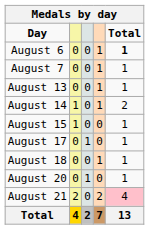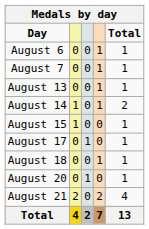 <table class="wikitable" style="font-size:85%; float:right">
 <tr align=center>
 <th colspan=7><strong>Medals by day</strong></th>
 </tr>
 <tr align=center>
 <td><strong>Day</strong></td>
 <td style="background:#f7f6a8;"></td>
 <td style="background:#dce5e5;"></td>
 <td style="background:#ffdab9;"></td>
 <td><strong>Total</strong></td>
 </tr>
 <tr align=center>
 <td>August 6</td>
 <td style="background:#f7f6a8;">0</td>
 <td style="background:#dce5e5;">0</td>
 <td style="background:#ffdab9;">1</td>
-<td><strong>1</strong></td>
+<td>1</td>
 </tr>
 <tr align=center>
 <td>August 7</td>
 <td style="background:#f7f6a8;">0</td>
 <td style="background:#dce5e5;">0</td>
 <td style="background:#ffdab9;">1</td>
 <td>1</td>
 </tr>
 <tr align=center>
 <td>August 13</td>
 <td style="background:#f7f6a8;">0</td>
 <td style="background:#dce5e5;">0</td>
 <td style="background:#ffdab9;">1</td>
 <td>1</td>
 </tr>
 <tr align=center>
 <td>August 14</td>
 <td style="background:#f7f6a8;">1</td>
 <td style="background:#dce5e5;">0</td>
 <td style="background:#ffdab9;">1</td>
 <td>2</td>
 </tr>
 <tr align=center>
 <td>August 15</td>
 <td style="background:#f7f6a8;">1</td>
 <td style="background:#dce5e5;">0</td>
 <td style="background:#ffdab9;">0</td>
 <td>1</td>
 </tr>
 <tr align=center>
 <td>August 17</td>
 <td style="background:#f7f6a8;">0</td>
 <td style="background:#dce5e5;">1</td>
 <td style="background:#ffdab9;">0</td>
 <td>1</td>
 </tr>
 <tr align=center>
 <td>August 18</td>
 <td style="background:#f7f6a8;">0</td>
 <td style="background:#dce5e5;">0</td>
 <td style="background:#ffdab9;">1</td>
 <td>1</td>
 </tr>
 <tr align=center>
 <td>August 20</td>
 <td style="background:#f7f6a8;">0</td>
 <td style="background:#dce5e5;">1</td>
 <td style="background:#ffdab9;">0</td>
 <td>1</td>
 </tr>
 <tr align=center>
 <td>August 21</td>
 <td style="background:#f7f6a8;">2</td>
 <td style="background:#dce5e5;">0</td>
 <td style="background:#ffdab9;">2</td>
-<td style="background: pink;">4</td>
+<td>4</td>
 </tr>
 <tr align=center>
 <th><strong>Total</strong></th>
 <th style="background:gold;"><strong>4</strong></th>
 <th style="background:silver;"><strong>2</strong></th>
 <th style="background:#c96;"><strong>7</strong></th>
 <th><strong>13</strong></th>
 </tr>
 </table>
